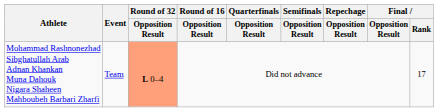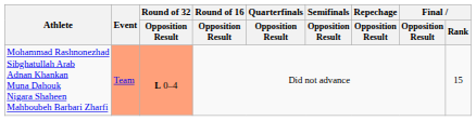 <table class="wikitable" style="font-size:90%">
 <tr>
 <th rowspan="2">Athlete</th>
 <th rowspan="2">Event</th>
 <th>Round of 32</th>
 <th>Round of 16</th>
 <th>Quarterfinals</th>
 <th>Semifinals</th>
 <th>Repechage</th>
 <th colspan=2>Final / </th>
 </tr>
 <tr style="font-size:95%">
 <th>Opposition<br>Result</th>
 <th>Opposition<br>Result</th>
 <th>Opposition<br>Result</th>
 <th>Opposition<br>Result</th>
 <th>Opposition<br>Result</th>
 <th>Opposition<br>Result</th>
 <th>Rank</th>
 </tr>
 <tr align=center>
 <td align=left><a href='#'>Mohammad Rashnonezhad</a><br><a href='#'>Sibghatullah Arab</a><br><a href='#'>Adnan Khankan</a><br><a href='#'>Muna Dahouk</a><br><a href='#'>Nigara Shaheen</a><br><a href='#'>Mahboubeh Barbari Zharfi</a></td>
-<td align=left><a href='#'>Team</a></td>
+<td align=left style="background: lightsalmon;"><a href='#'>Team</a></td>
 <td style="background: lightsalmon;"><br><strong>L</strong> 0–4</td>
 <td colspan=5>Did not advance</td>
-<td>17</td>
+<td>15</td>
 </tr>
 </table>
